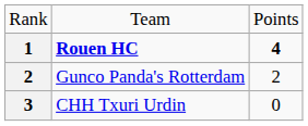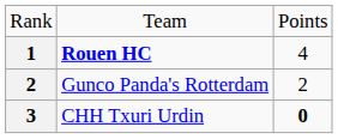 <table class="wikitable" style="text-align: center;">
 <tr>
 <td>Rank</td>
 <td>Team</td>
 <td>Points</td>
 </tr>
 <tr>
 <th>1</th>
 <td style="text-align: left;"> <strong><a href='#'>Rouen HC</a></strong></td>
-<td><strong>4</strong></td>
+<td>4</td>
 </tr>
 <tr>
 <th>2</th>
 <td style="text-align: left;"> <a href='#'>Gunco Panda's Rotterdam</a></td>
 <td>2</td>
 </tr>
 <tr>
 <th>3</th>
 <td style="text-align: left;"> <a href='#'>CHH Txuri Urdin</a></td>
-<td>0</td>
+<td><strong>0</strong></td>
 </tr>
 </table>
